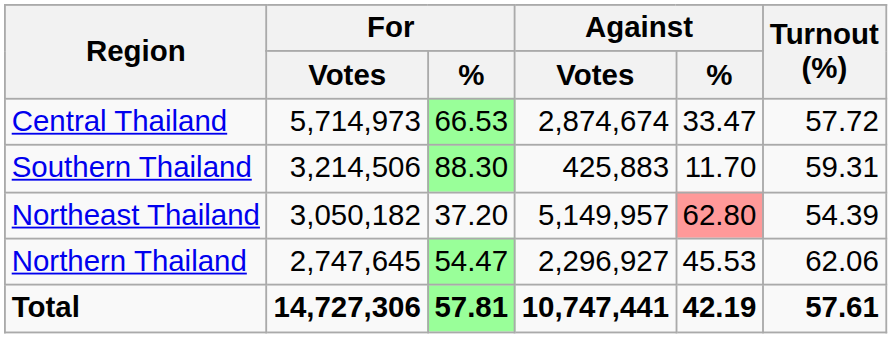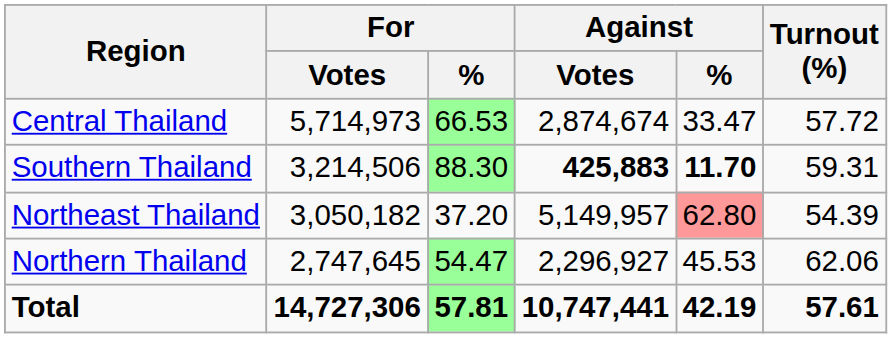 <table class="wikitable sortable" style=text-align:right>
 <tr>
 <th rowspan=2>Region</th>
 <th colspan=2>For</th>
 <th colspan=2>Against</th>
 <th rowspan=2>Turnout<br>(%)</th>
 </tr>
 <tr>
 <th>Votes</th>
 <th>%</th>
 <th>Votes</th>
 <th>%</th>
 </tr>
 <tr>
 <td align=left><a href='#'>Central Thailand</a></td>
 <td>5,714,973</td>
 <td style="background:#9f9">66.53</td>
 <td>2,874,674</td>
 <td>33.47</td>
 <td>57.72</td>
 </tr>
 <tr>
 <td align=left><a href='#'>Southern Thailand</a></td>
 <td>3,214,506</td>
 <td style="background:#9f9">88.30</td>
-<td>425,883</td>
-<td>11.70</td>
+<td><strong>425,883</strong></td>
+<td><strong>11.70</strong></td>
 <td>59.31</td>
 </tr>
 <tr>
 <td align=left><a href='#'>Northeast Thailand</a></td>
 <td>3,050,182</td>
 <td>37.20</td>
 <td>5,149,957</td>
 <td style="background:#f99">62.80</td>
 <td>54.39</td>
 </tr>
 <tr>
 <td align=left><a href='#'>Northern Thailand</a></td>
 <td>2,747,645</td>
 <td style="text-align: right; background:#9f9;">54.47</td>
 <td>2,296,927</td>
 <td>45.53</td>
 <td>62.06</td>
 </tr>
 <tr>
 <td align=left><strong>Total</strong></td>
 <td><strong>14,727,306</strong></td>
 <td style="background:#9f9"><strong>57.81</strong></td>
 <td><strong>10,747,441</strong></td>
 <td><strong>42.19</strong></td>
 <td><strong>57.61</strong></td>
 </tr>
 </table>
